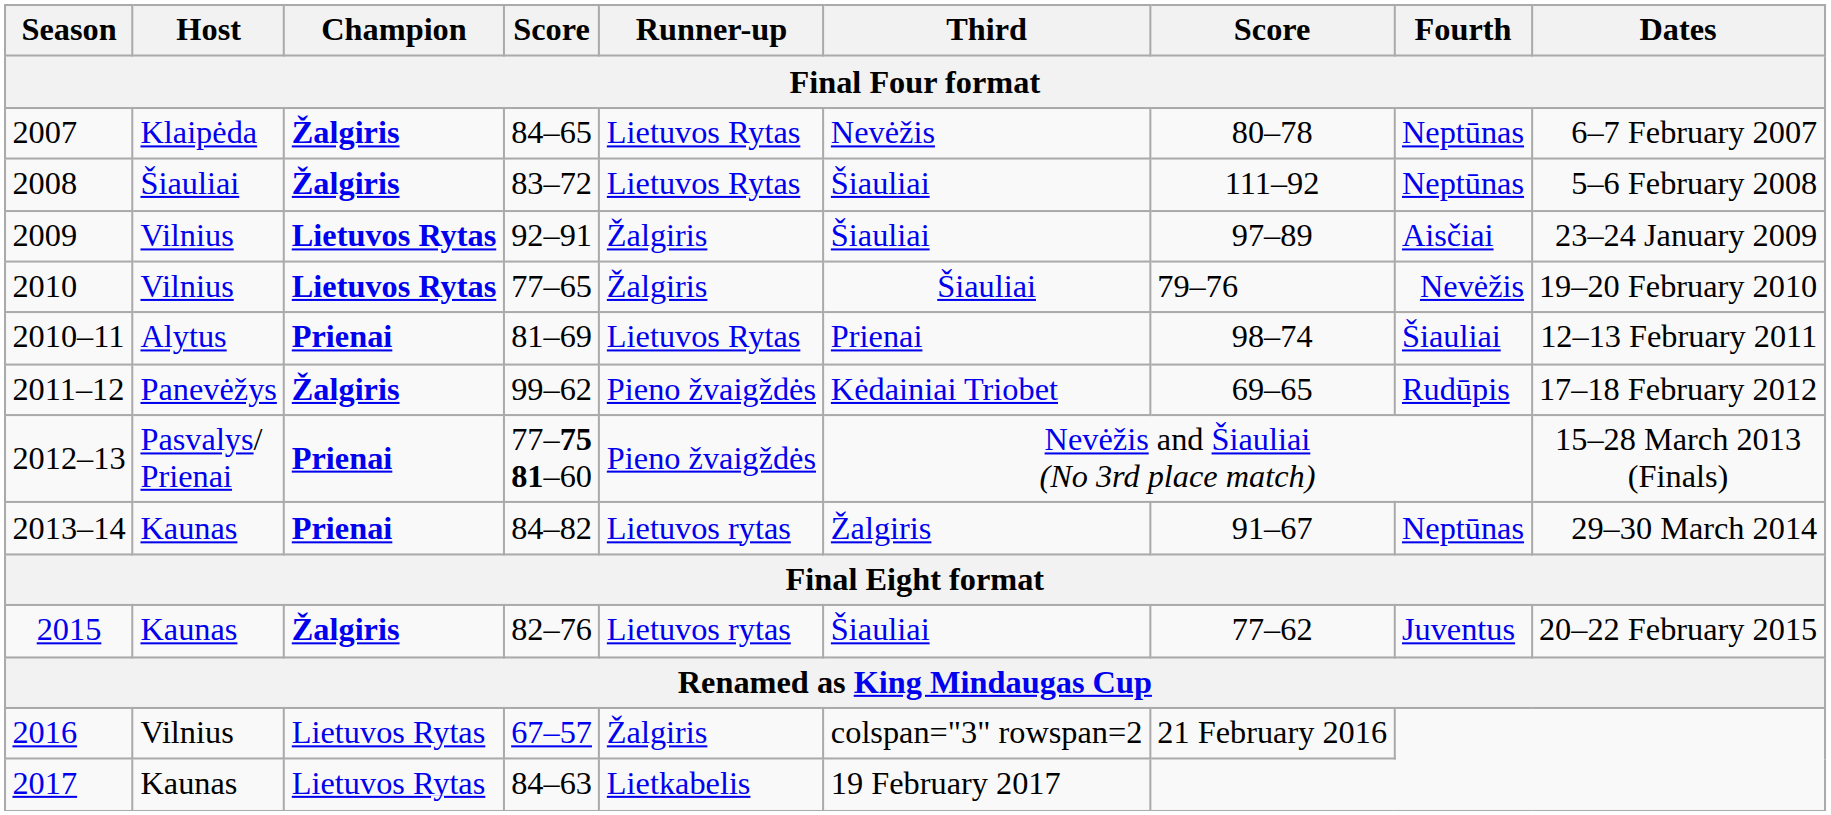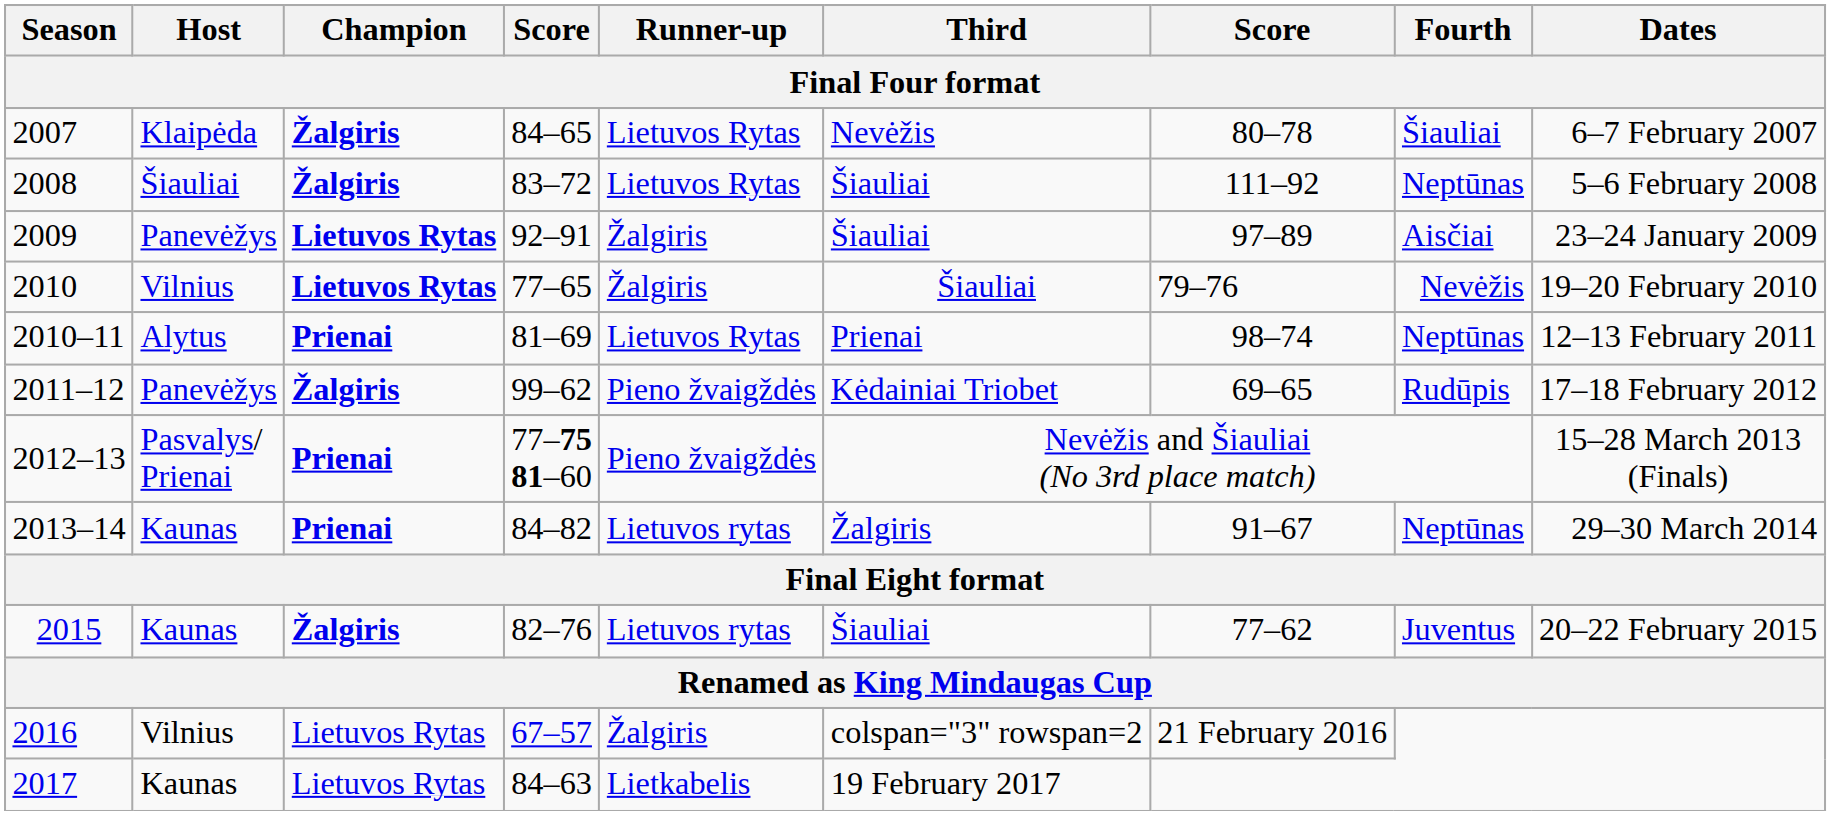 <table class="wikitable">
 <tr>
 <th>Season</th>
 <th>Host</th>
 <th>Champion</th>
 <th>Score</th>
 <th>Runner-up</th>
 <th>Third</th>
 <th>Score</th>
 <th>Fourth</th>
 <th>Dates</th>
 </tr>
 <tr>
 <th colspan=9>Final Four format</th>
 </tr>
 <tr>
 <td>2007</td>
 <td><a href='#'>Klaipėda</a></td>
 <td><strong><a href='#'>Žalgiris</a></strong></td>
 <td align="center">84–65</td>
 <td><a href='#'>Lietuvos Rytas</a></td>
 <td><a href='#'>Nevėžis</a></td>
 <td align="center">80–78</td>
-<td><a href='#'>Neptūnas</a></td>
+<td><a href='#'>Šiauliai</a></td>
 <td align=right>6–7 February 2007</td>
 </tr>
 <tr>
 <td>2008</td>
 <td><a href='#'>Šiauliai</a></td>
 <td><strong><a href='#'>Žalgiris</a></strong></td>
 <td align="center">83–72</td>
 <td><a href='#'>Lietuvos Rytas</a></td>
 <td><a href='#'>Šiauliai</a></td>
 <td align="center">111–92</td>
 <td><a href='#'>Neptūnas</a></td>
 <td align=right>5–6 February 2008</td>
 </tr>
 <tr>
 <td>2009</td>
-<td><a href='#'>Vilnius</a></td>
+<td><a href='#'>Panevėžys</a></td>
 <td><strong><a href='#'>Lietuvos Rytas</a></strong></td>
 <td align="center">92–91</td>
 <td><a href='#'>Žalgiris</a></td>
 <td><a href='#'>Šiauliai</a></td>
 <td align="center">97–89</td>
 <td><a href='#'>Aisčiai</a></td>
 <td align=right>23–24 January 2009</td>
 </tr>
 <tr>
 <td 2009>2010</td>
 <td><a href='#'>Vilnius</a></td>
 <td align="center"><strong><a href='#'>Lietuvos Rytas</a></strong></td>
 <td>77–65</td>
 <td><a href='#'>Žalgiris</a></td>
 <td align="center"><a href='#'>Šiauliai</a></td>
 <td>79–76</td>
 <td align=right><a href='#'>Nevėžis</a></td>
 <td>19–20 February 2010</td>
 </tr>
 <tr>
 <td>2010–11</td>
 <td><a href='#'>Alytus</a></td>
 <td><strong><a href='#'>Prienai</a> </strong></td>
 <td align="center">81–69</td>
 <td><a href='#'>Lietuvos Rytas</a></td>
 <td><a href='#'>Prienai</a></td>
 <td align="center">98–74</td>
-<td><a href='#'>Šiauliai</a></td>
+<td><a href='#'>Neptūnas</a></td>
 <td align=right>12–13 February 2011</td>
 </tr>
 <tr>
 <td>2011–12</td>
 <td><a href='#'>Panevėžys</a></td>
 <td><strong><a href='#'>Žalgiris</a></strong></td>
 <td align="center">99–62</td>
 <td><a href='#'>Pieno žvaigždės</a></td>
 <td><a href='#'>Kėdainiai Triobet</a></td>
 <td align="center">69–65</td>
 <td><a href='#'>Rudūpis</a></td>
 <td align=right>17–18 February 2012</td>
 </tr>
 <tr>
 <td>2012–13</td>
 <td><a href='#'>Pasvalys</a>/<br><a href='#'>Prienai</a></td>
 <td><strong><a href='#'>Prienai</a></strong></td>
 <td align="center">77–<strong>75</strong><br><strong>81</strong>–60</td>
 <td><a href='#'>Pieno žvaigždės</a></td>
 <td colspan=3 align="center"><a href='#'>Nevėžis</a> and <a href='#'>Šiauliai</a><br><em>(No 3rd place match)</em></td>
 <td align="center">15–28 March 2013<br>(Finals)</td>
 </tr>
 <tr>
 <td>2013–14</td>
 <td><a href='#'>Kaunas</a></td>
 <td><strong><a href='#'>Prienai</a> </strong></td>
 <td align="center">84–82</td>
 <td><a href='#'>Lietuvos rytas</a></td>
 <td><a href='#'>Žalgiris</a></td>
 <td align="center">91–67</td>
 <td><a href='#'>Neptūnas</a></td>
 <td align=right>29–30 March 2014</td>
 </tr>
 <tr>
 <th colspan=9>Final Eight format</th>
 </tr>
 <tr>
 <td align="center"><a href='#'>2015</a></td>
 <td><a href='#'>Kaunas</a></td>
 <td><strong><a href='#'>Žalgiris</a></strong></td>
 <td align="center">82–76</td>
 <td><a href='#'>Lietuvos rytas</a></td>
 <td><a href='#'>Šiauliai</a></td>
 <td align="center">77–62</td>
 <td><a href='#'>Juventus</a></td>
 <td align=right>20–22 February 2015</td>
 </tr>
 <tr>
 <th colspan="9">Renamed as <a href='#'>King Mindaugas Cup</a></th>
 </tr>
 <tr>
 <td><a href='#'>2016</a></td>
 <td>Vilnius</td>
 <td><a href='#'>Lietuvos Rytas</a></td>
 <td><a href='#'>67–57</a></td>
 <td><a href='#'>Žalgiris</a></td>
 <td>colspan="3" rowspan=2 </td>
 <td>21 February 2016</td>
 </tr>
 <tr>
 <td><a href='#'>2017</a></td>
 <td>Kaunas</td>
 <td><a href='#'>Lietuvos Rytas</a></td>
 <td>84–63</td>
 <td><a href='#'>Lietkabelis</a></td>
 <td>19 February 2017</td>
 </tr>
 </table>
